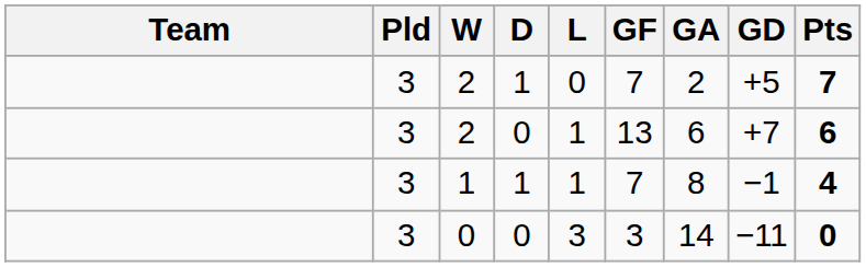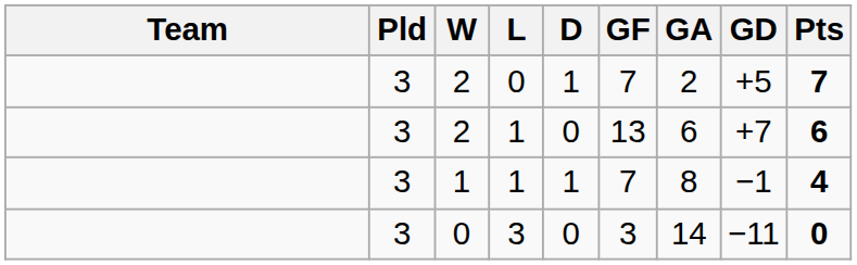 <table class="wikitable" style="text-align:center">
 <tr>
 <th width=175>Team</th>
 <th width=20>Pld</th>
 <th width=20>W</th>
+<th width=20>L</th>
 <th width=20>D</th>
-<th width=20>L</th>
 <th width=20>GF</th>
 <th width=20>GA</th>
 <th width=20>GD</th>
 <th width=20>Pts</th>
 </tr>
 <tr>
 <td align=left></td>
 <td>3</td>
 <td>2</td>
+<td>0</td>
 <td>1</td>
-<td>0</td>
 <td>7</td>
 <td>2</td>
 <td>+5</td>
 <td><strong>7</strong></td>
 </tr>
 <tr>
 <td align=left></td>
 <td>3</td>
 <td>2</td>
+<td>1</td>
 <td>0</td>
-<td>1</td>
 <td>13</td>
 <td>6</td>
 <td>+7</td>
 <td><strong>6</strong></td>
 </tr>
 <tr>
 <td align=left></td>
 <td>3</td>
 <td>1</td>
 <td>1</td>
 <td>1</td>
 <td>7</td>
 <td>8</td>
 <td>−1</td>
 <td><strong>4</strong></td>
 </tr>
 <tr>
 <td align=left></td>
 <td>3</td>
 <td>0</td>
+<td>3</td>
 <td>0</td>
-<td>3</td>
 <td>3</td>
 <td>14</td>
 <td>−11</td>
 <td><strong>0</strong></td>
 </tr>
 </table>
